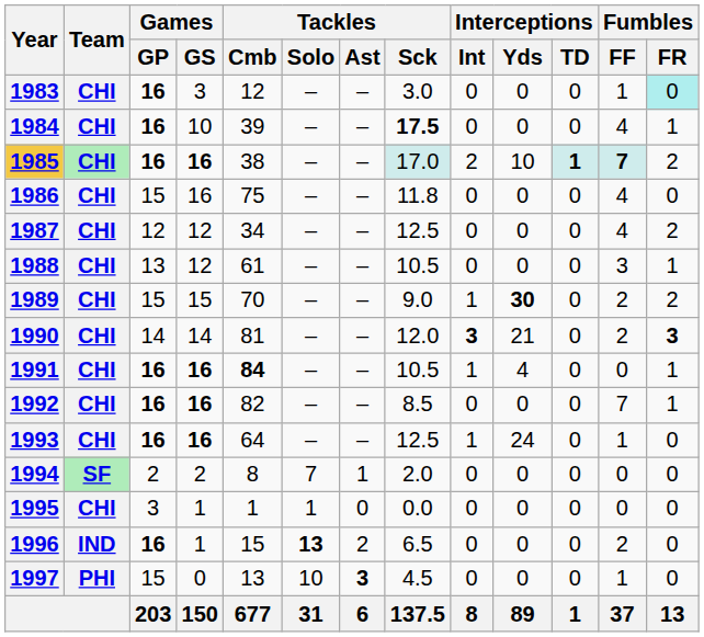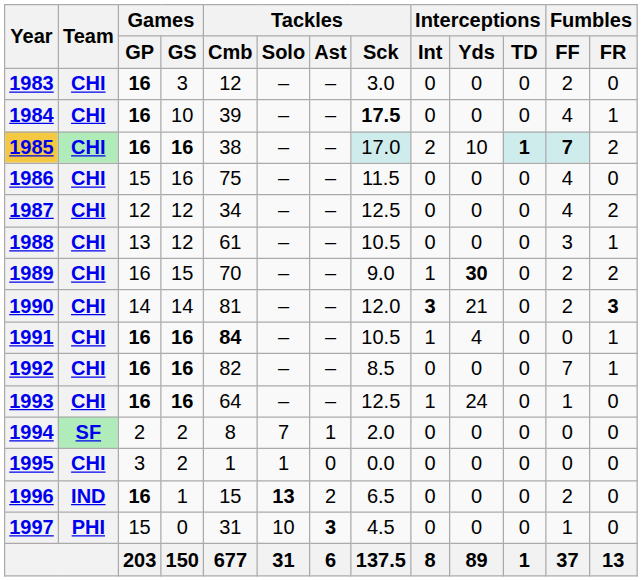 <table class="wikitable sortable" style="text-align: center;">
 <tr>
 <th rowspan="2">Year</th>
 <th rowspan="2">Team</th>
 <th colspan="2">Games</th>
 <th colspan="4">Tackles</th>
 <th colspan="3">Interceptions</th>
 <th colspan="2">Fumbles</th>
 </tr>
 <tr>
 <th>GP</th>
 <th>GS</th>
 <th>Cmb</th>
 <th>Solo</th>
 <th>Ast</th>
 <th>Sck</th>
 <th>Int</th>
 <th>Yds</th>
 <th>TD</th>
 <th>FF</th>
 <th>FR</th>
 </tr>
 <tr>
 <th><a href='#'>1983</a></th>
 <th><a href='#'>CHI</a></th>
 <td><strong>16</strong></td>
 <td>3</td>
 <td>12</td>
 <td>–</td>
 <td>–</td>
 <td>3.0</td>
 <td>0</td>
 <td>0</td>
 <td>0</td>
-<td>1</td>
-<td style="background: paleturquoise;">0</td>
+<td>2</td>
+<td>0</td>
 </tr>
 <tr>
 <th><a href='#'>1984</a></th>
 <th><a href='#'>CHI</a></th>
 <td><strong>16</strong></td>
 <td>10</td>
 <td>39</td>
 <td>–</td>
 <td>–</td>
 <td><strong>17.5</strong></td>
 <td>0</td>
 <td>0</td>
 <td>0</td>
 <td>4</td>
 <td>1</td>
 </tr>
 <tr>
 <th style="background:#f4c842;"><a href='#'>1985</a></th>
 <th style="background:#afecba;"><a href='#'>CHI</a></th>
 <td><strong>16</strong></td>
 <td><strong>16</strong></td>
 <td>38</td>
 <td>–</td>
 <td>–</td>
 <td style="background:#cfecec;">17.0</td>
 <td>2</td>
 <td>10</td>
 <td style="background:#cfecec;"><strong>1</strong></td>
 <td style="background:#cfecec;"><strong>7</strong></td>
 <td>2</td>
 </tr>
 <tr>
 <th><a href='#'>1986</a></th>
 <th><a href='#'>CHI</a></th>
 <td>15</td>
 <td>16</td>
 <td>75</td>
 <td>–</td>
 <td>–</td>
-<td>11.8</td>
+<td>11.5</td>
 <td>0</td>
 <td>0</td>
 <td>0</td>
 <td>4</td>
 <td>0</td>
 </tr>
 <tr>
 <th><a href='#'>1987</a></th>
 <th><a href='#'>CHI</a></th>
 <td>12</td>
 <td>12</td>
 <td>34</td>
 <td>–</td>
 <td>–</td>
 <td>12.5</td>
 <td>0</td>
 <td>0</td>
 <td>0</td>
 <td>4</td>
 <td>2</td>
 </tr>
 <tr>
 <th><a href='#'>1988</a></th>
 <th><a href='#'>CHI</a></th>
 <td>13</td>
 <td>12</td>
 <td>61</td>
 <td>–</td>
 <td>–</td>
 <td>10.5</td>
 <td>0</td>
 <td>0</td>
 <td>0</td>
 <td>3</td>
 <td>1</td>
 </tr>
 <tr>
 <th><a href='#'>1989</a></th>
 <th><a href='#'>CHI</a></th>
-<td>15</td>
+<td>16</td>
 <td>15</td>
 <td>70</td>
 <td>–</td>
 <td>–</td>
 <td>9.0</td>
 <td>1</td>
 <td><strong>30</strong></td>
 <td>0</td>
 <td>2</td>
 <td>2</td>
 </tr>
 <tr>
 <th><a href='#'>1990</a></th>
 <th><a href='#'>CHI</a></th>
 <td>14</td>
 <td>14</td>
 <td>81</td>
 <td>–</td>
 <td>–</td>
 <td>12.0</td>
 <td><strong>3</strong></td>
 <td>21</td>
 <td>0</td>
 <td>2</td>
 <td><strong>3</strong></td>
 </tr>
 <tr>
 <th><a href='#'>1991</a></th>
 <th><a href='#'>CHI</a></th>
 <td><strong>16</strong></td>
 <td><strong>16</strong></td>
 <td><strong>84</strong></td>
 <td>–</td>
 <td>–</td>
 <td>10.5</td>
 <td>1</td>
 <td>4</td>
 <td>0</td>
 <td>0</td>
 <td>1</td>
 </tr>
 <tr>
 <th><a href='#'>1992</a></th>
 <th><a href='#'>CHI</a></th>
 <td><strong>16</strong></td>
 <td><strong>16</strong></td>
 <td>82</td>
 <td>–</td>
 <td>–</td>
 <td>8.5</td>
 <td>0</td>
 <td>0</td>
 <td>0</td>
 <td>7</td>
 <td>1</td>
 </tr>
 <tr>
 <th><a href='#'>1993</a></th>
 <th><a href='#'>CHI</a></th>
 <td><strong>16</strong></td>
 <td><strong>16</strong></td>
 <td>64</td>
 <td>–</td>
 <td>–</td>
 <td>12.5</td>
 <td>1</td>
 <td>24</td>
 <td>0</td>
 <td>1</td>
 <td>0</td>
 </tr>
 <tr>
 <th><a href='#'>1994</a></th>
 <th style="background:#afecba;"><a href='#'>SF</a></th>
 <td>2</td>
 <td>2</td>
 <td>8</td>
 <td>7</td>
 <td>1</td>
 <td>2.0</td>
 <td>0</td>
 <td>0</td>
 <td>0</td>
 <td>0</td>
 <td>0</td>
 </tr>
 <tr>
 <th><a href='#'>1995</a></th>
 <th><a href='#'>CHI</a></th>
 <td>3</td>
-<td>1</td>
+<td>2</td>
 <td>1</td>
 <td>1</td>
 <td>0</td>
 <td>0.0</td>
 <td>0</td>
 <td>0</td>
 <td>0</td>
 <td>0</td>
 <td>0</td>
 </tr>
 <tr>
 <th><a href='#'>1996</a></th>
 <th><a href='#'>IND</a></th>
 <td><strong>16</strong></td>
 <td>1</td>
 <td>15</td>
 <td><strong>13</strong></td>
 <td>2</td>
 <td>6.5</td>
 <td>0</td>
 <td>0</td>
 <td>0</td>
 <td>2</td>
 <td>0</td>
 </tr>
 <tr>
 <th><a href='#'>1997</a></th>
 <th><a href='#'>PHI</a></th>
 <td>15</td>
 <td>0</td>
-<td>13</td>
+<td>31</td>
 <td>10</td>
 <td><strong>3</strong></td>
 <td>4.5</td>
 <td>0</td>
 <td>0</td>
 <td>0</td>
 <td>1</td>
 <td>0</td>
 </tr>
 <tr>
 <th colspan="2"></th>
 <th>203</th>
 <th>150</th>
 <th>677</th>
 <th>31</th>
 <th>6</th>
 <th>137.5</th>
 <th>8</th>
 <th>89</th>
 <th>1</th>
 <th>37</th>
 <th>13</th>
 </tr>
 </table>
